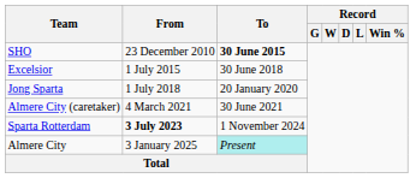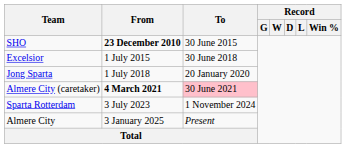 <table class="wikitable" style="text-align: center">
 <tr>
 <th rowspan="2">Team</th>
 <th rowspan="2">From</th>
 <th rowspan="2">To</th>
 <th colspan="5">Record</th>
 </tr>
 <tr>
 <th>G</th>
 <th>W</th>
 <th>D</th>
 <th>L</th>
 <th>Win %</th>
 </tr>
 <tr>
 <td align=left><a href='#'>SHO</a></td>
-<td align=left>23 December 2010</td>
-<td align=left><strong>30 June 2015<br></strong></td>
+<td align=left><strong>23 December 2010</strong></td>
+<td align=left>30 June 2015<br></td>
 </tr>
 <tr>
 <td align=left><a href='#'>Excelsior</a></td>
 <td align=left>1 July 2015</td>
 <td align=left>30 June 2018<br></td>
 </tr>
 <tr>
 <td align=left><a href='#'>Jong Sparta</a></td>
 <td align=left>1 July 2018</td>
 <td align=left>20 January 2020<br></td>
 </tr>
 <tr>
 <td align=left><a href='#'>Almere City</a> (caretaker)</td>
-<td align=left>4 March 2021</td>
-<td align=left>30 June 2021<br></td>
+<td align=left><strong>4 March 2021</strong></td>
+<td align=left style="background: pink;">30 June 2021<br></td>
 </tr>
 <tr>
 <td align=left><a href='#'>Sparta Rotterdam</a></td>
-<td align=left><strong>3 July 2023</strong></td>
+<td align=left>3 July 2023</td>
 <td align=left>1 November 2024<br></td>
 </tr>
 <tr>
 <td align=left>Almere City</td>
 <td align=left>3 January 2025</td>
-<td align=left style="background: paleturquoise;"><em>Present</em><br></td>
+<td align=left><em>Present</em><br></td>
 </tr>
 <tr>
 <th colspan="3">Total<br></th>
 </tr>
 </table>
